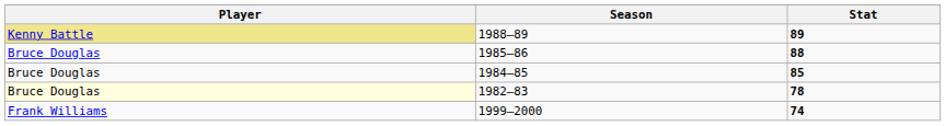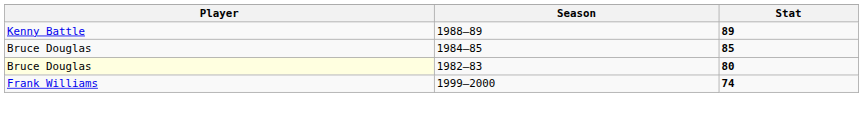 <table class="wikitable sortable" style="text-align: left; width: 65%">
 <tr>
 </tr>
 <tr>
 <th>Player</th>
 <th>Season</th>
 <th>Stat</th>
 </tr>
 <tr>
-<td style="background: khaki;"><a href='#'>Kenny Battle</a></td>
+<td><a href='#'>Kenny Battle</a></td>
 <td>1988–89</td>
 <td><strong>89</strong></td>
-</tr>
-<tr>
-<td><a href='#'>Bruce Douglas</a></td>
-<td>1985–86</td>
-<td><strong>88</strong></td>
 </tr>
 <tr>
 <td>Bruce Douglas</td>
 <td>1984–85</td>
 <td><strong>85</strong></td>
 </tr>
 <tr>
 <td style="background: lightyellow;">Bruce Douglas</td>
 <td>1982–83</td>
-<td><strong>78</strong></td>
+<td><strong>80</strong></td>
 </tr>
 <tr>
 <td><a href='#'>Frank Williams</a></td>
 <td>1999–2000</td>
 <td><strong>74</strong></td>
 </tr>
 </table>
